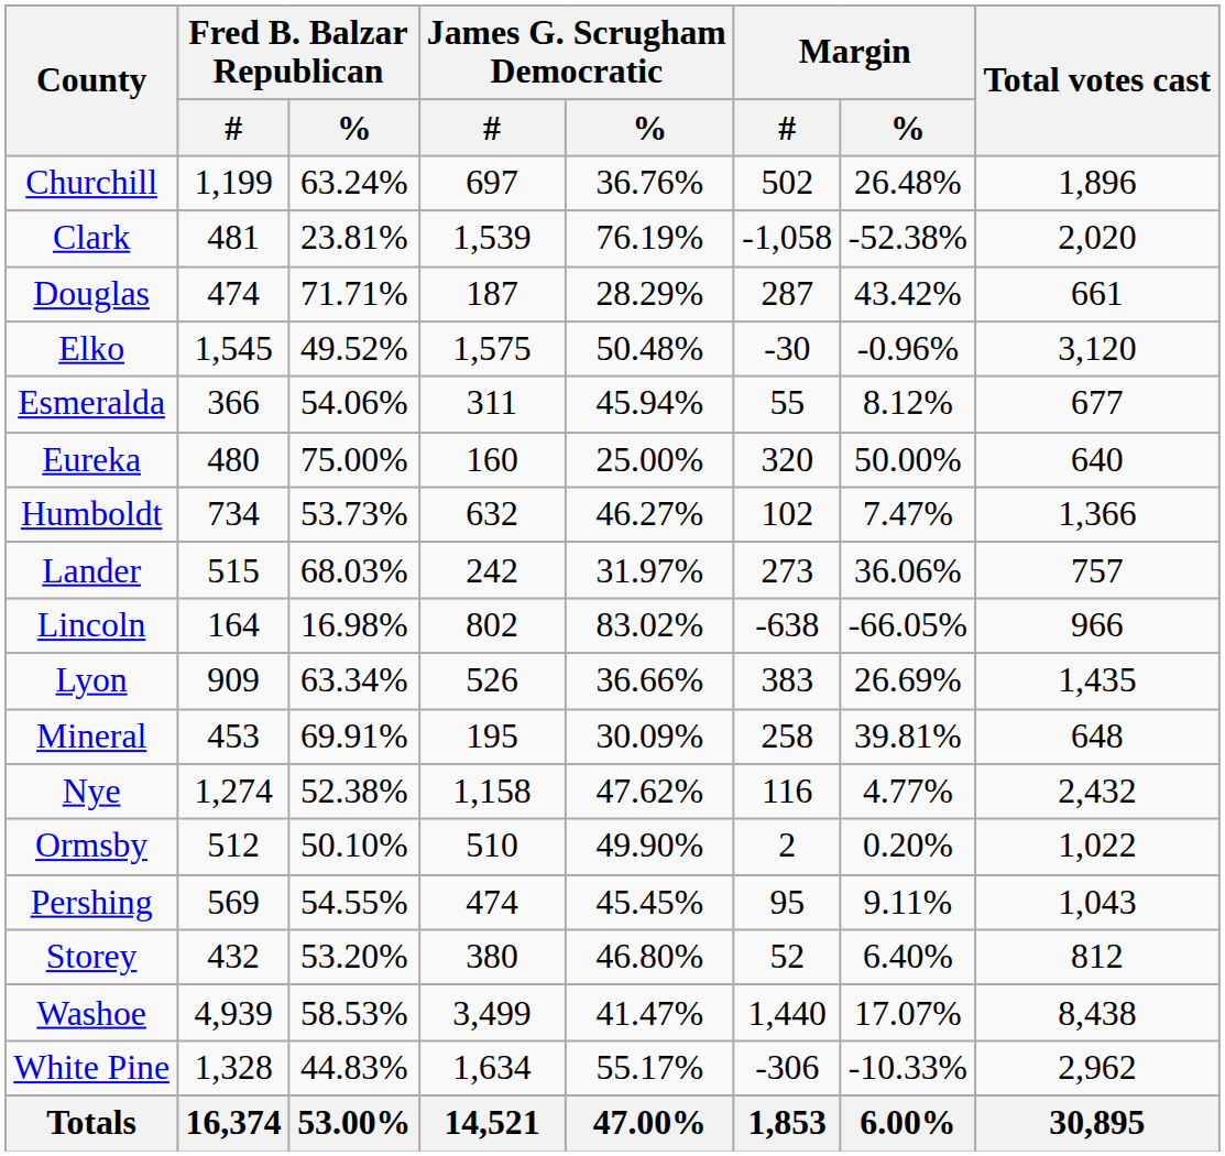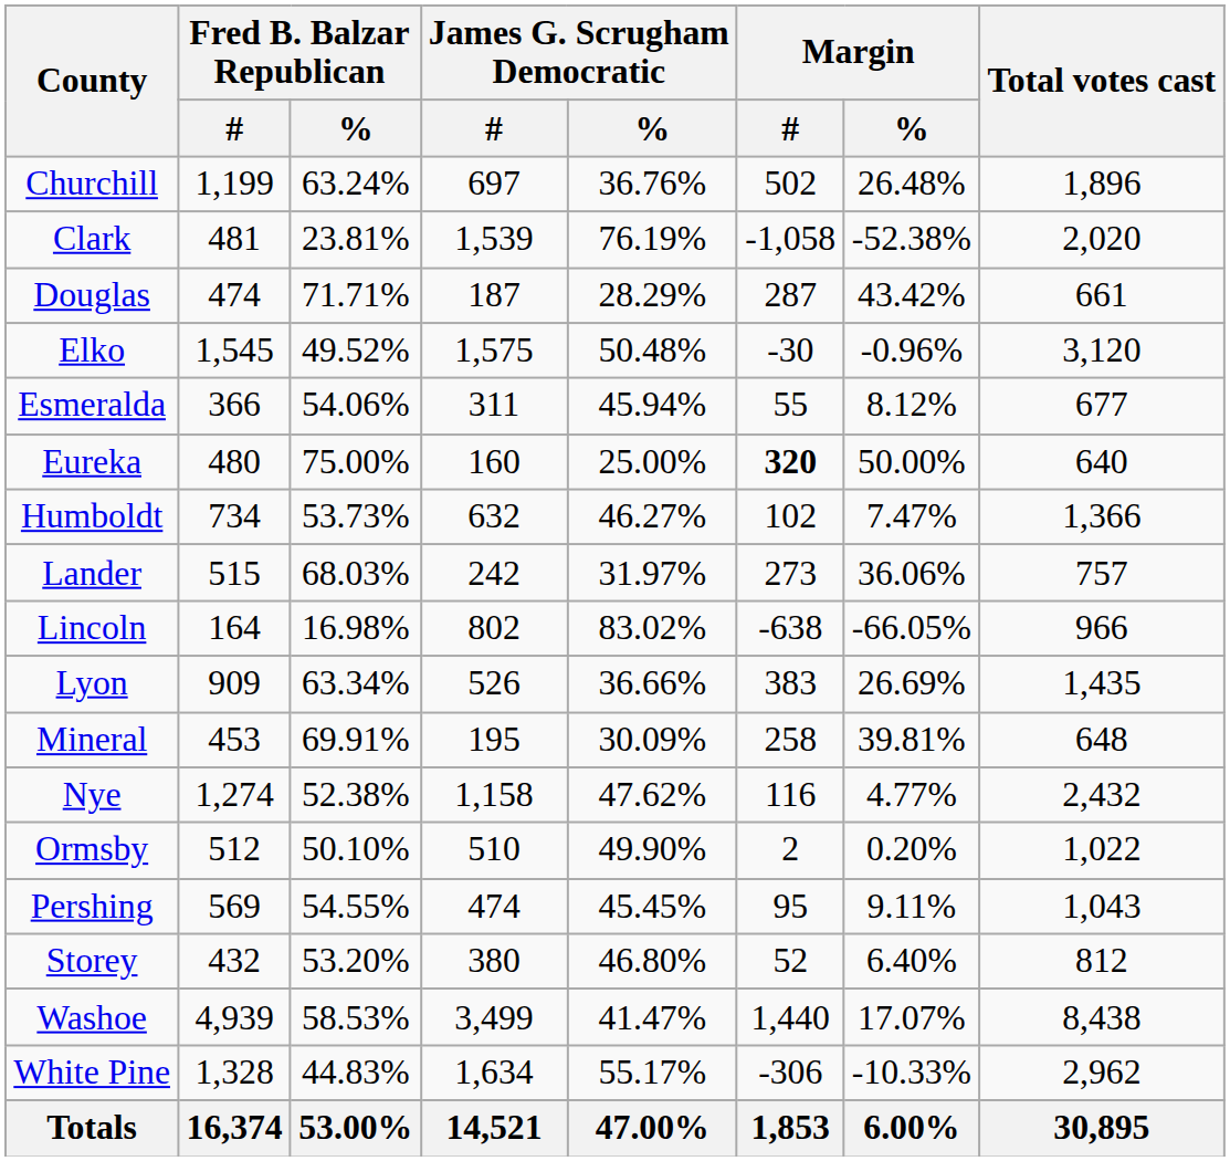 <table class="wikitable sortable" style="text-align:center">
 <tr>
 <th rowspan="2">County</th>
 <th style="text-align:center;" colspan="2">Fred B. Balzar<br>Republican</th>
 <th style="text-align:center;" colspan="2">James G. Scrugham<br>Democratic</th>
 <th style="text-align:center;" colspan="2">Margin</th>
 <th style="text-align:center;" rowspan="2">Total votes cast</th>
 </tr>
 <tr>
 <th style="text-align:center;" data-sort-type="number">#</th>
 <th style="text-align:center;" data-sort-type="number">%</th>
 <th style="text-align:center;" data-sort-type="number">#</th>
 <th style="text-align:center;" data-sort-type="number">%</th>
 <th style="text-align:center;" data-sort-type="number">#</th>
 <th style="text-align:center;" data-sort-type="number">%</th>
 </tr>
 <tr style="text-align:center;">
 <td><a href='#'>Churchill</a></td>
 <td>1,199</td>
 <td>63.24%</td>
 <td>697</td>
 <td>36.76%</td>
 <td>502</td>
 <td>26.48%</td>
 <td>1,896</td>
 </tr>
 <tr style="text-align:center;">
 <td><a href='#'>Clark</a></td>
 <td>481</td>
 <td>23.81%</td>
 <td>1,539</td>
 <td>76.19%</td>
 <td>-1,058</td>
 <td>-52.38%</td>
 <td>2,020</td>
 </tr>
 <tr style="text-align:center;">
 <td><a href='#'>Douglas</a></td>
 <td>474</td>
 <td>71.71%</td>
 <td>187</td>
 <td>28.29%</td>
 <td>287</td>
 <td>43.42%</td>
 <td>661</td>
 </tr>
 <tr style="text-align:center;">
 <td><a href='#'>Elko</a></td>
 <td>1,545</td>
 <td>49.52%</td>
 <td>1,575</td>
 <td>50.48%</td>
 <td>-30</td>
 <td>-0.96%</td>
 <td>3,120</td>
 </tr>
 <tr style="text-align:center;">
 <td><a href='#'>Esmeralda</a></td>
 <td>366</td>
 <td>54.06%</td>
 <td>311</td>
 <td>45.94%</td>
 <td>55</td>
 <td>8.12%</td>
 <td>677</td>
 </tr>
 <tr style="text-align:center;">
 <td><a href='#'>Eureka</a></td>
 <td>480</td>
 <td>75.00%</td>
 <td>160</td>
 <td>25.00%</td>
-<td>320</td>
+<td><strong>320</strong></td>
 <td>50.00%</td>
 <td>640</td>
 </tr>
 <tr style="text-align:center;">
 <td><a href='#'>Humboldt</a></td>
 <td>734</td>
 <td>53.73%</td>
 <td>632</td>
 <td>46.27%</td>
 <td>102</td>
 <td>7.47%</td>
 <td>1,366</td>
 </tr>
 <tr style="text-align:center;">
 <td><a href='#'>Lander</a></td>
 <td>515</td>
 <td>68.03%</td>
 <td>242</td>
 <td>31.97%</td>
 <td>273</td>
 <td>36.06%</td>
 <td>757</td>
 </tr>
 <tr style="text-align:center;">
 <td><a href='#'>Lincoln</a></td>
 <td>164</td>
 <td>16.98%</td>
 <td>802</td>
 <td>83.02%</td>
 <td>-638</td>
 <td>-66.05%</td>
 <td>966</td>
 </tr>
 <tr style="text-align:center;">
 <td><a href='#'>Lyon</a></td>
 <td>909</td>
 <td>63.34%</td>
 <td>526</td>
 <td>36.66%</td>
 <td>383</td>
 <td>26.69%</td>
 <td>1,435</td>
 </tr>
 <tr style="text-align:center;">
 <td><a href='#'>Mineral</a></td>
 <td>453</td>
 <td>69.91%</td>
 <td>195</td>
 <td>30.09%</td>
 <td>258</td>
 <td>39.81%</td>
 <td>648</td>
 </tr>
 <tr style="text-align:center;">
 <td><a href='#'>Nye</a></td>
 <td>1,274</td>
 <td>52.38%</td>
 <td>1,158</td>
 <td>47.62%</td>
 <td>116</td>
 <td>4.77%</td>
 <td>2,432</td>
 </tr>
 <tr style="text-align:center;">
 <td><a href='#'>Ormsby</a></td>
 <td>512</td>
 <td>50.10%</td>
 <td>510</td>
 <td>49.90%</td>
 <td>2</td>
 <td>0.20%</td>
 <td>1,022</td>
 </tr>
 <tr style="text-align:center;">
 <td><a href='#'>Pershing</a></td>
 <td>569</td>
 <td>54.55%</td>
 <td>474</td>
 <td>45.45%</td>
 <td>95</td>
 <td>9.11%</td>
 <td>1,043</td>
 </tr>
 <tr style="text-align:center;">
 <td><a href='#'>Storey</a></td>
 <td>432</td>
 <td>53.20%</td>
 <td>380</td>
 <td>46.80%</td>
 <td>52</td>
 <td>6.40%</td>
 <td>812</td>
 </tr>
 <tr style="text-align:center;">
 <td><a href='#'>Washoe</a></td>
 <td>4,939</td>
 <td>58.53%</td>
 <td>3,499</td>
 <td>41.47%</td>
 <td>1,440</td>
 <td>17.07%</td>
 <td>8,438</td>
 </tr>
 <tr style="text-align:center;">
 <td><a href='#'>White Pine</a></td>
 <td>1,328</td>
 <td>44.83%</td>
 <td>1,634</td>
 <td>55.17%</td>
 <td>-306</td>
 <td>-10.33%</td>
 <td>2,962</td>
 </tr>
 <tr style="text-align:center;">
 <th>Totals</th>
 <th>16,374</th>
 <th>53.00%</th>
 <th>14,521</th>
 <th>47.00%</th>
 <th>1,853</th>
 <th>6.00%</th>
 <th>30,895</th>
 </tr>
 </table>
